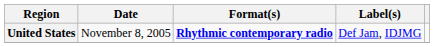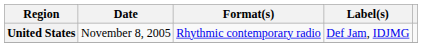 <table class="wikitable plainrowheaders">
 <tr>
 <th scope="col">Region</th>
 <th scope="col">Date</th>
 <th scope="col">Format(s)</th>
 <th scope="col">Label(s)</th>
 <th scope="col"></th>
 </tr>
 <tr>
 <th scope="row">United States</th>
 <td>November 8, 2005</td>
-<td><strong><a href='#'>Rhythmic contemporary radio</a></strong></td>
+<td><a href='#'>Rhythmic contemporary radio</a></td>
 <td><a href='#'>Def Jam</a>, <a href='#'>IDJMG</a></td>
 <td align="center"></td>
 </tr>
 <tr>
 </tr>
 </table>
